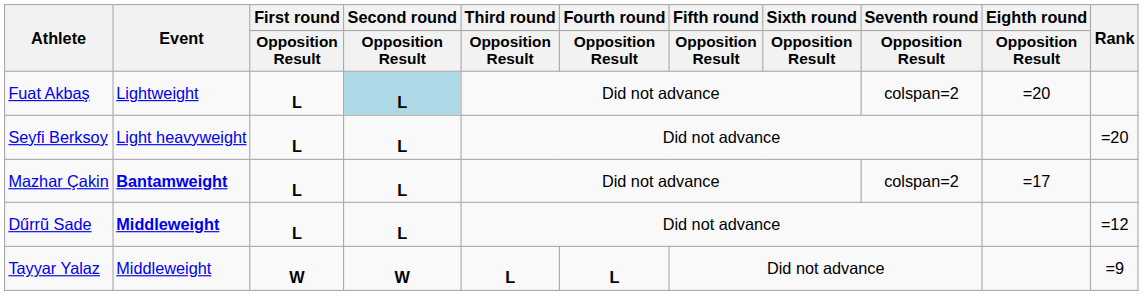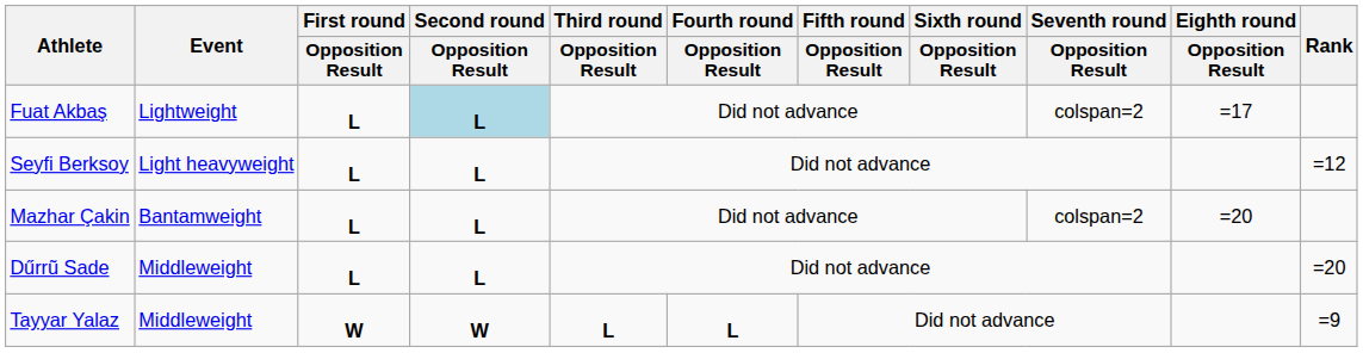 <table class="wikitable" style="font-size:90%;">
 <tr>
 <th rowspan=2>Athlete</th>
 <th rowspan=2>Event</th>
 <th>First round</th>
 <th>Second round</th>
 <th>Third round</th>
 <th>Fourth round</th>
 <th>Fifth round</th>
 <th>Sixth round</th>
 <th>Seventh round</th>
 <th>Eighth round</th>
 <th rowspan=2>Rank</th>
 </tr>
 <tr style="font-size: 95%">
 <th>Opposition<br>Result</th>
 <th>Opposition<br>Result</th>
 <th>Opposition<br>Result</th>
 <th>Opposition<br>Result</th>
 <th>Opposition<br>Result</th>
 <th>Opposition<br>Result</th>
 <th>Opposition<br>Result</th>
 <th>Opposition<br>Result</th>
 </tr>
 <tr align=center>
 <td align=left><a href='#'>Fuat Akbaş</a></td>
 <td align=left><a href='#'>Lightweight</a></td>
 <td> <br> <strong>L</strong></td>
 <td style="background: lightblue;"> <br> <strong>L</strong></td>
 <td colspan=4>Did not advance</td>
 <td>colspan=2 </td>
-<td>=20</td>
+<td>=17</td>
 </tr>
 <tr align=center>
 <td align=left><a href='#'>Seyfi Berksoy</a></td>
 <td align=left><a href='#'>Light heavyweight</a></td>
 <td> <br> <strong>L</strong></td>
 <td> <br> <strong>L</strong></td>
 <td colspan=5>Did not advance</td>
 <td></td>
-<td>=20</td>
+<td>=12</td>
 </tr>
 <tr align=center>
 <td align=left><a href='#'>Mazhar Çakin</a></td>
-<td align=left><strong><a href='#'>Bantamweight</a></strong></td>
+<td align=left><a href='#'>Bantamweight</a></td>
 <td> <br> <strong>L</strong></td>
 <td> <br> <strong>L</strong></td>
 <td colspan=4>Did not advance</td>
 <td>colspan=2 </td>
-<td>=17</td>
+<td>=20</td>
 </tr>
 <tr align=center>
 <td align=left><a href='#'>Dűrrũ Sade</a></td>
-<td align=left><strong><a href='#'>Middleweight</a></strong></td>
+<td align=left><a href='#'>Middleweight</a></td>
 <td> <br> <strong>L</strong></td>
 <td> <br> <strong>L</strong></td>
 <td colspan=5>Did not advance</td>
 <td></td>
-<td>=12</td>
+<td>=20</td>
 </tr>
 <tr align=center>
 <td align=left><a href='#'>Tayyar Yalaz</a></td>
 <td align=left><a href='#'>Middleweight</a></td>
 <td> <br> <strong>W</strong></td>
 <td> <br> <strong>W</strong></td>
 <td> <br> <strong>L</strong></td>
 <td> <br> <strong>L</strong></td>
 <td colspan=3>Did not advance</td>
 <td></td>
 <td>=9</td>
 </tr>
 </table>
